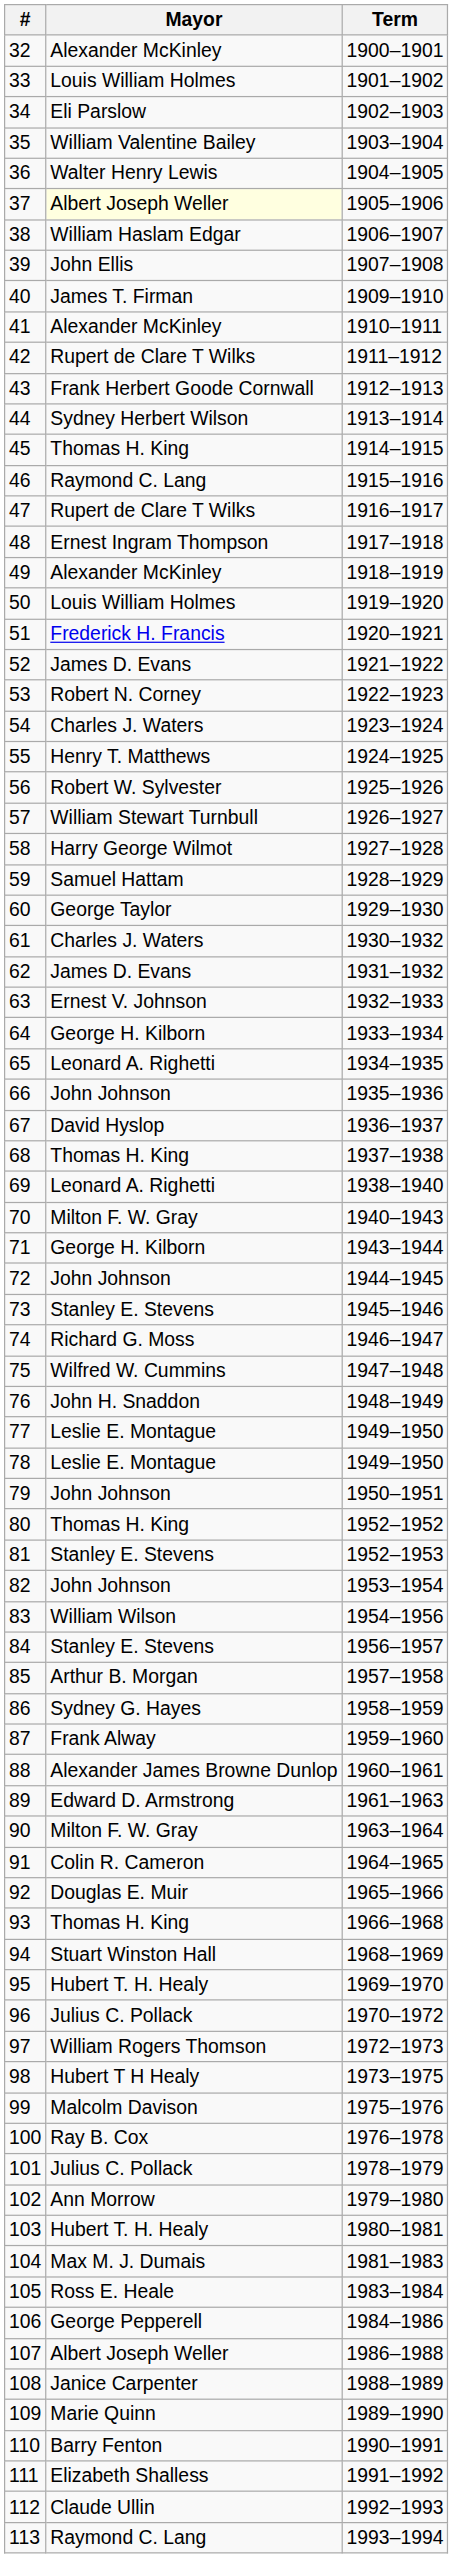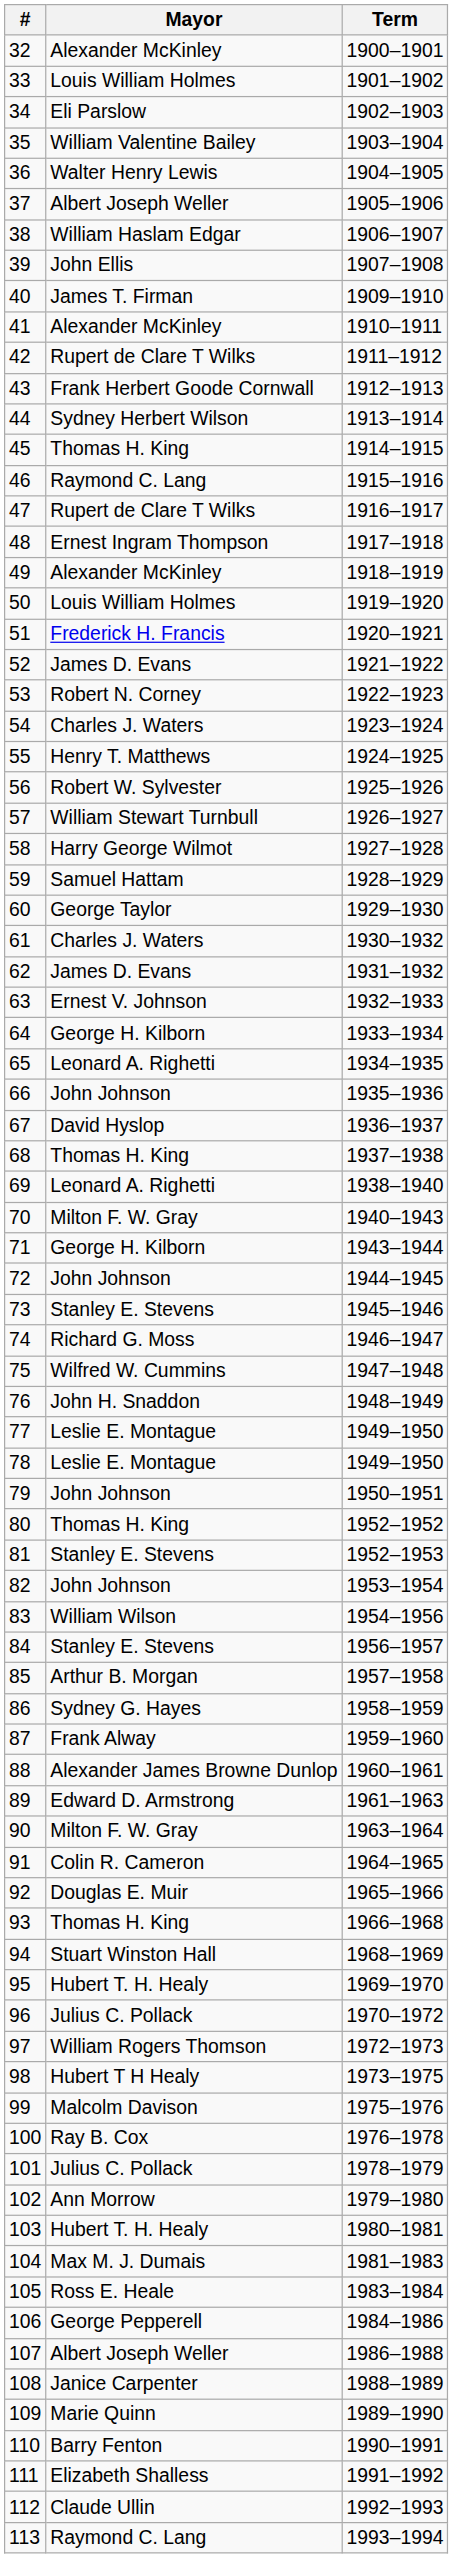 <table class="wikitable sortable">
 <tr>
 <th>#</th>
 <th>Mayor</th>
 <th>Term</th>
 </tr>
 <tr>
 <td>32</td>
 <td>Alexander McKinley</td>
 <td>1900–1901</td>
 </tr>
 <tr>
 <td>33</td>
 <td>Louis William Holmes</td>
 <td>1901–1902</td>
 </tr>
 <tr>
 <td>34</td>
 <td>Eli Parslow</td>
 <td>1902–1903</td>
 </tr>
 <tr>
 <td>35</td>
 <td>William Valentine Bailey</td>
 <td>1903–1904</td>
 </tr>
 <tr>
 <td>36</td>
 <td>Walter Henry Lewis</td>
 <td>1904–1905</td>
 </tr>
 <tr>
 <td>37</td>
-<td style="background: lightyellow;">Albert Joseph Weller</td>
+<td>Albert Joseph Weller</td>
 <td>1905–1906</td>
 </tr>
 <tr>
 <td>38</td>
 <td>William Haslam Edgar</td>
 <td>1906–1907</td>
 </tr>
 <tr>
 <td>39</td>
 <td>John Ellis</td>
 <td>1907–1908</td>
 </tr>
 <tr>
 <td>40</td>
 <td>James T. Firman</td>
 <td>1909–1910</td>
 </tr>
 <tr>
 <td>41</td>
 <td>Alexander McKinley</td>
 <td>1910–1911</td>
 </tr>
 <tr>
 <td>42</td>
 <td>Rupert de Clare T Wilks</td>
 <td>1911–1912</td>
 </tr>
 <tr>
 <td>43</td>
 <td>Frank Herbert Goode Cornwall</td>
 <td>1912–1913</td>
 </tr>
 <tr>
 <td>44</td>
 <td>Sydney Herbert Wilson</td>
 <td>1913–1914</td>
 </tr>
 <tr>
 <td>45</td>
 <td>Thomas H. King</td>
 <td>1914–1915</td>
 </tr>
 <tr>
 <td>46</td>
 <td>Raymond C. Lang</td>
 <td>1915–1916</td>
 </tr>
 <tr>
 <td>47</td>
 <td>Rupert de Clare T Wilks</td>
 <td>1916–1917</td>
 </tr>
 <tr>
 <td>48</td>
 <td>Ernest Ingram Thompson</td>
 <td>1917–1918</td>
 </tr>
 <tr>
 <td>49</td>
 <td>Alexander McKinley</td>
 <td>1918–1919</td>
 </tr>
 <tr>
 <td>50</td>
 <td>Louis William Holmes</td>
 <td>1919–1920</td>
 </tr>
 <tr>
 <td>51</td>
 <td><a href='#'>Frederick H. Francis</a></td>
 <td>1920–1921</td>
 </tr>
 <tr>
 <td>52</td>
 <td>James D. Evans</td>
 <td>1921–1922</td>
 </tr>
 <tr>
 <td>53</td>
 <td>Robert N. Corney</td>
 <td>1922–1923</td>
 </tr>
 <tr>
 <td>54</td>
 <td>Charles J. Waters</td>
 <td>1923–1924</td>
 </tr>
 <tr>
 <td>55</td>
 <td>Henry T. Matthews</td>
 <td>1924–1925</td>
 </tr>
 <tr>
 <td>56</td>
 <td>Robert W. Sylvester</td>
 <td>1925–1926</td>
 </tr>
 <tr>
 <td>57</td>
 <td>William Stewart Turnbull</td>
 <td>1926–1927</td>
 </tr>
 <tr>
 <td>58</td>
 <td>Harry George Wilmot</td>
 <td>1927–1928</td>
 </tr>
 <tr>
 <td>59</td>
 <td>Samuel Hattam</td>
 <td>1928–1929</td>
 </tr>
 <tr>
 <td>60</td>
 <td>George Taylor</td>
 <td>1929–1930</td>
 </tr>
 <tr>
 <td>61</td>
 <td>Charles J. Waters</td>
 <td>1930–1932</td>
 </tr>
 <tr>
 <td>62</td>
 <td>James D. Evans</td>
 <td>1931–1932</td>
 </tr>
 <tr>
 <td>63</td>
 <td>Ernest V. Johnson</td>
 <td>1932–1933</td>
 </tr>
 <tr>
 <td>64</td>
 <td>George H. Kilborn</td>
 <td>1933–1934</td>
 </tr>
 <tr>
 <td>65</td>
 <td>Leonard A. Righetti</td>
 <td>1934–1935</td>
 </tr>
 <tr>
 <td>66</td>
 <td>John Johnson</td>
 <td>1935–1936</td>
 </tr>
 <tr>
 <td>67</td>
 <td>David Hyslop</td>
 <td>1936–1937</td>
 </tr>
 <tr>
 <td>68</td>
 <td>Thomas H. King</td>
 <td>1937–1938</td>
 </tr>
 <tr>
 <td>69</td>
 <td>Leonard A. Righetti</td>
 <td>1938–1940</td>
 </tr>
 <tr>
 <td>70</td>
 <td>Milton F. W. Gray</td>
 <td>1940–1943</td>
 </tr>
 <tr>
 <td>71</td>
 <td>George H. Kilborn</td>
 <td>1943–1944</td>
 </tr>
 <tr>
 <td>72</td>
 <td>John Johnson</td>
 <td>1944–1945</td>
 </tr>
 <tr>
 <td>73</td>
 <td>Stanley E. Stevens</td>
 <td>1945–1946</td>
 </tr>
 <tr>
 <td>74</td>
 <td>Richard G. Moss</td>
 <td>1946–1947</td>
 </tr>
 <tr>
 <td>75</td>
 <td>Wilfred W. Cummins</td>
 <td>1947–1948</td>
 </tr>
 <tr>
 <td>76</td>
 <td>John H. Snaddon</td>
 <td>1948–1949</td>
 </tr>
 <tr>
 <td>77</td>
 <td>Leslie E. Montague</td>
 <td>1949–1950</td>
 </tr>
 <tr>
 <td>78</td>
 <td>Leslie E. Montague</td>
 <td>1949–1950</td>
 </tr>
 <tr>
 <td>79</td>
 <td>John Johnson</td>
 <td>1950–1951</td>
 </tr>
 <tr>
 <td>80</td>
 <td>Thomas H. King</td>
 <td>1952–1952</td>
 </tr>
 <tr>
 <td>81</td>
 <td>Stanley E. Stevens</td>
 <td>1952–1953</td>
 </tr>
 <tr>
 <td>82</td>
 <td>John Johnson</td>
 <td>1953–1954</td>
 </tr>
 <tr>
 <td>83</td>
 <td>William Wilson</td>
 <td>1954–1956</td>
 </tr>
 <tr>
 <td>84</td>
 <td>Stanley E. Stevens</td>
 <td>1956–1957</td>
 </tr>
 <tr>
 <td>85</td>
 <td>Arthur B. Morgan</td>
 <td>1957–1958</td>
 </tr>
 <tr>
 <td>86</td>
 <td>Sydney G. Hayes</td>
 <td>1958–1959</td>
 </tr>
 <tr>
 <td>87</td>
 <td>Frank Alway</td>
 <td>1959–1960</td>
 </tr>
 <tr>
 <td>88</td>
 <td>Alexander James Browne Dunlop</td>
 <td>1960–1961</td>
 </tr>
 <tr>
 <td>89</td>
 <td>Edward D. Armstrong</td>
 <td>1961–1963</td>
 </tr>
 <tr>
 <td>90</td>
 <td>Milton F. W. Gray</td>
 <td>1963–1964</td>
 </tr>
 <tr>
 <td>91</td>
 <td>Colin R. Cameron</td>
 <td>1964–1965</td>
 </tr>
 <tr>
 <td>92</td>
 <td>Douglas E. Muir</td>
 <td>1965–1966</td>
 </tr>
 <tr>
 <td>93</td>
 <td>Thomas H. King</td>
 <td>1966–1968</td>
 </tr>
 <tr>
 <td>94</td>
 <td>Stuart Winston Hall</td>
 <td>1968–1969</td>
 </tr>
 <tr>
 <td>95</td>
 <td>Hubert T. H. Healy</td>
 <td>1969–1970</td>
 </tr>
 <tr>
 <td>96</td>
 <td>Julius C. Pollack</td>
 <td>1970–1972</td>
 </tr>
 <tr>
 <td>97</td>
 <td>William Rogers Thomson</td>
 <td>1972–1973</td>
 </tr>
 <tr>
 <td>98</td>
 <td>Hubert T H Healy</td>
 <td>1973–1975</td>
 </tr>
 <tr>
 <td>99</td>
 <td>Malcolm Davison</td>
 <td>1975–1976</td>
 </tr>
 <tr>
 <td>100</td>
 <td>Ray B. Cox</td>
 <td>1976–1978</td>
 </tr>
 <tr>
 <td>101</td>
 <td>Julius C. Pollack</td>
 <td>1978–1979</td>
 </tr>
 <tr>
 <td>102</td>
 <td>Ann Morrow</td>
 <td>1979–1980</td>
 </tr>
 <tr>
 <td>103</td>
 <td>Hubert T. H. Healy</td>
 <td>1980–1981</td>
 </tr>
 <tr>
 <td>104</td>
 <td>Max M. J. Dumais</td>
 <td>1981–1983</td>
 </tr>
 <tr>
 <td>105</td>
 <td>Ross E. Heale</td>
 <td>1983–1984</td>
 </tr>
 <tr>
 <td>106</td>
 <td>George Pepperell</td>
 <td>1984–1986</td>
 </tr>
 <tr>
 <td>107</td>
 <td>Albert Joseph Weller</td>
 <td>1986–1988</td>
 </tr>
 <tr>
 <td>108</td>
 <td>Janice Carpenter</td>
 <td>1988–1989</td>
 </tr>
 <tr>
 <td>109</td>
 <td>Marie Quinn</td>
 <td>1989–1990</td>
 </tr>
 <tr>
 <td>110</td>
 <td>Barry Fenton</td>
 <td>1990–1991</td>
 </tr>
 <tr>
 <td>111</td>
 <td>Elizabeth Shalless</td>
 <td>1991–1992</td>
 </tr>
 <tr>
 <td>112</td>
 <td>Claude Ullin</td>
 <td>1992–1993</td>
 </tr>
 <tr>
 <td>113</td>
 <td>Raymond C. Lang</td>
 <td>1993–1994</td>
 </tr>
 </table>
